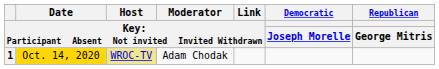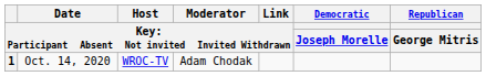 <table class="wikitable" style="text-align:center;">
 <tr>
 <th scope="col"></th>
 <th scope="col">Date</th>
 <th scope="col">Host</th>
 <th scope="col">Moderator</th>
 <th scope="col">Link</th>
 <th scope="col"><small><a href='#'>Democratic</a></small></th>
 <th scope="col"><small><a href='#'>Republican</a></small></th>
 </tr>
 <tr>
 <th colspan="5" rowspan="2">Key:<br> <small>Participant </small>  <small>Absent </small>  <small>Not invited </small>  <small>Invited  Withdrawn</small></th>
 <th scope="col" style="background:"></th>
 <th scope="col" style="background:"></th>
 </tr>
 <tr>
 <th scope="col"><a href='#'>Joseph Morelle</a></th>
 <th scope="col">George Mitris</th>
 </tr>
 <tr>
 <th>1</th>
-<td style="background: gold; white-space:nowrap;">Oct. 14, 2020</td>
-<td style="background: khaki; white-space:nowrap;"><a href='#'>WROC-TV</a></td>
+<td style="white-space:nowrap;">Oct. 14, 2020</td>
+<td style="white-space:nowrap;"><a href='#'>WROC-TV</a></td>
 <td style="white-space:nowrap;">Adam Chodak</td>
 <td style="white-space:nowrap;"></td>
 <td></td>
 <td></td>
 </tr>
 </table>
